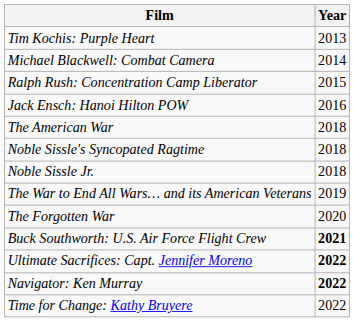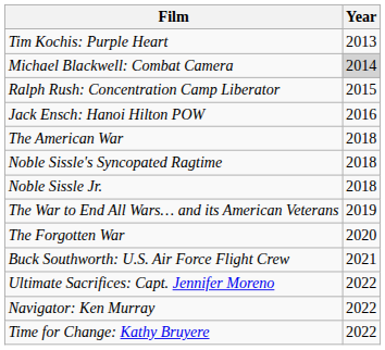 <table class="wikitable">
 <tr>
 <th>Film</th>
 <th>Year</th>
 </tr>
 <tr>
 <td><em>Tim Kochis: Purple Heart</em></td>
 <td>2013</td>
 </tr>
 <tr>
 <td><em>Michael Blackwell: Combat Camera</em></td>
-<td>2014</td>
+<td style="background: lightgrey;">2014</td>
 </tr>
 <tr>
 <td><em>Ralph Rush: Concentration Camp Liberator</em></td>
 <td>2015</td>
 </tr>
 <tr>
 <td><em>Jack Ensch: Hanoi Hilton POW</em></td>
 <td>2016</td>
 </tr>
 <tr>
 <td><em>The American War</em></td>
 <td>2018</td>
 </tr>
 <tr>
 <td><em>Noble Sissle's Syncopated Ragtime</em></td>
 <td>2018</td>
 </tr>
 <tr>
 <td><em>Noble Sissle Jr.</em></td>
 <td>2018</td>
 </tr>
 <tr>
 <td><em>The War to End All Wars… and its American Veterans</em></td>
 <td>2019</td>
 </tr>
 <tr>
 <td><em>The Forgotten War</em></td>
 <td>2020</td>
 </tr>
 <tr>
 <td><em>Buck Southworth: U.S. Air Force Flight Crew</em></td>
-<td><strong>2021</strong></td>
+<td>2021</td>
 </tr>
 <tr>
 <td><em>Ultimate Sacrifices: Capt. <a href='#'>Jennifer Moreno</a></em></td>
-<td><strong>2022</strong></td>
+<td>2022</td>
 </tr>
 <tr>
 <td><em>Navigator: Ken Murray</em></td>
-<td><strong>2022</strong></td>
+<td>2022</td>
 </tr>
 <tr>
 <td><em>Time for Change: <a href='#'>Kathy Bruyere</a></em></td>
 <td>2022</td>
 </tr>
 </table>
